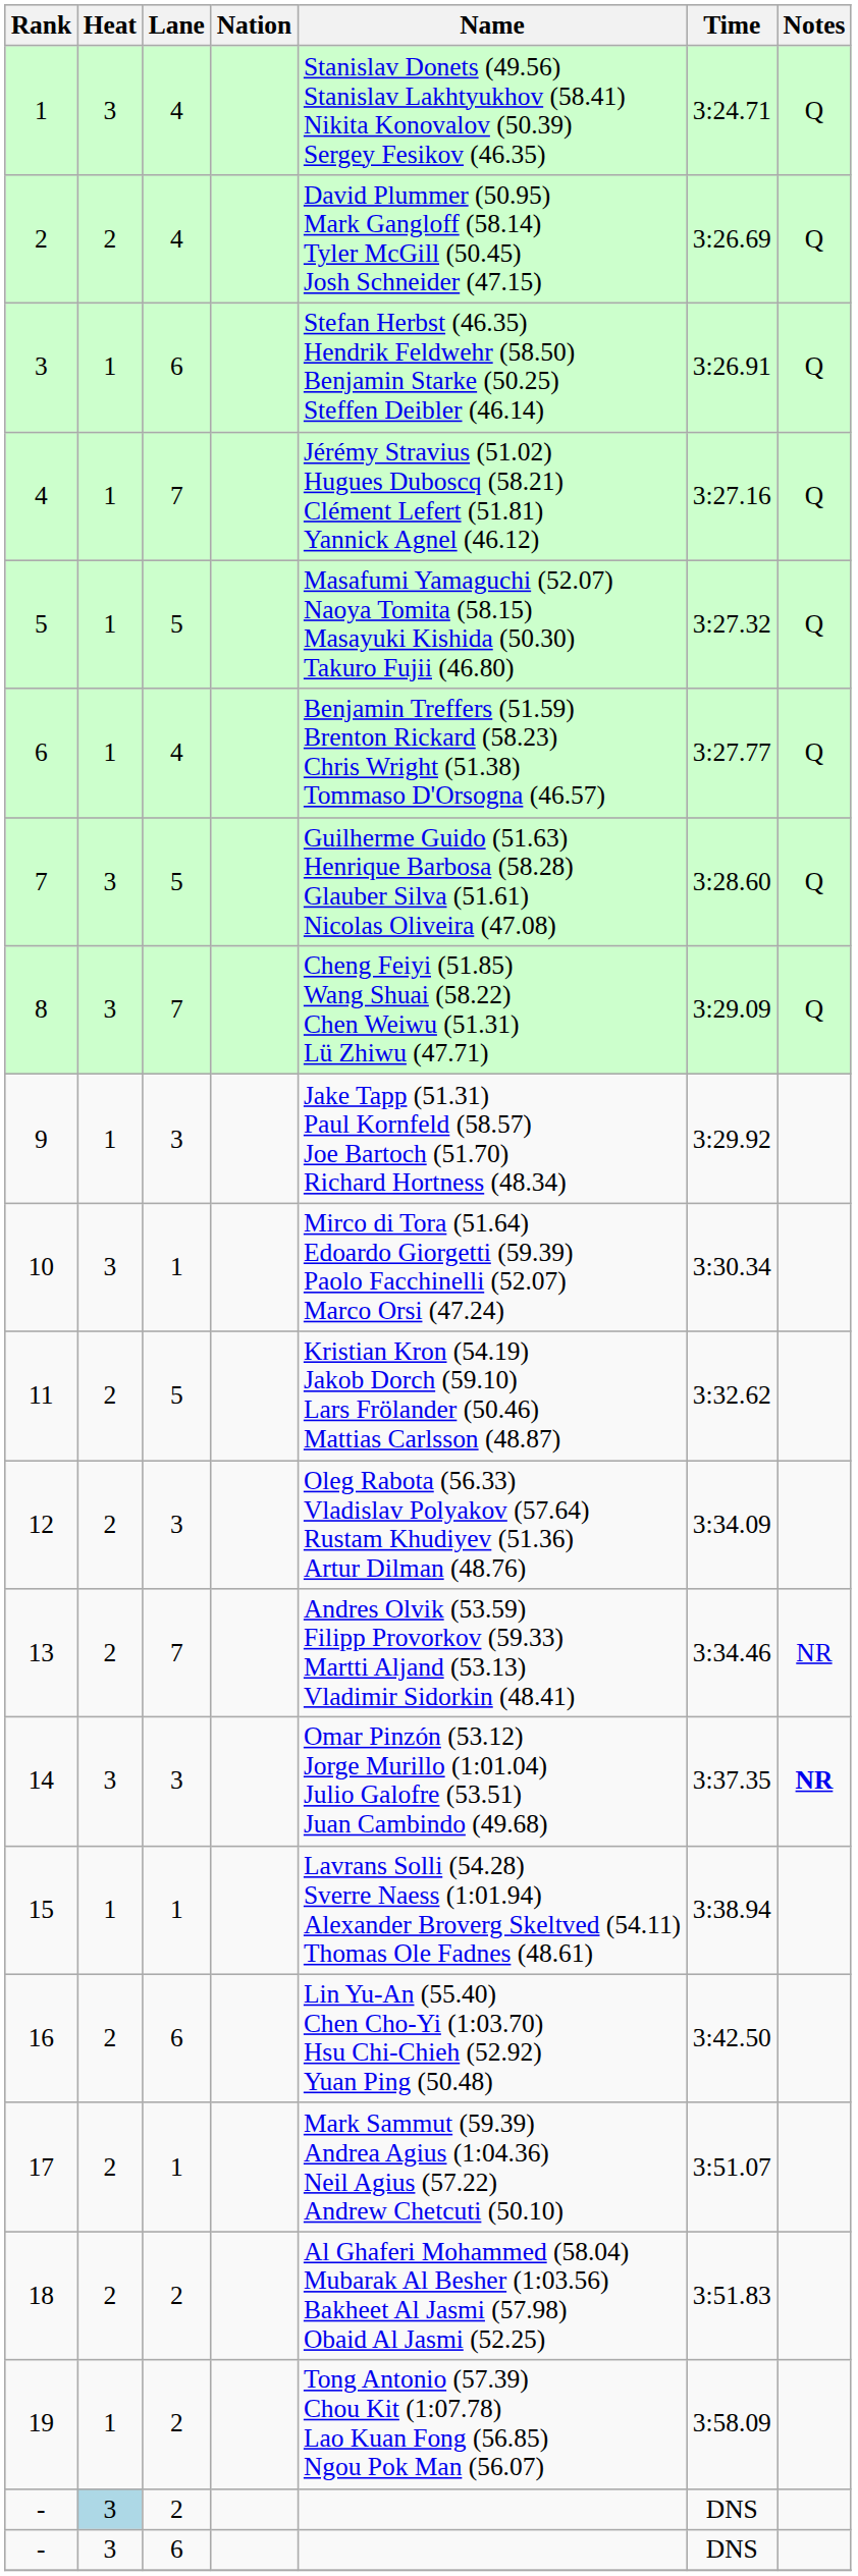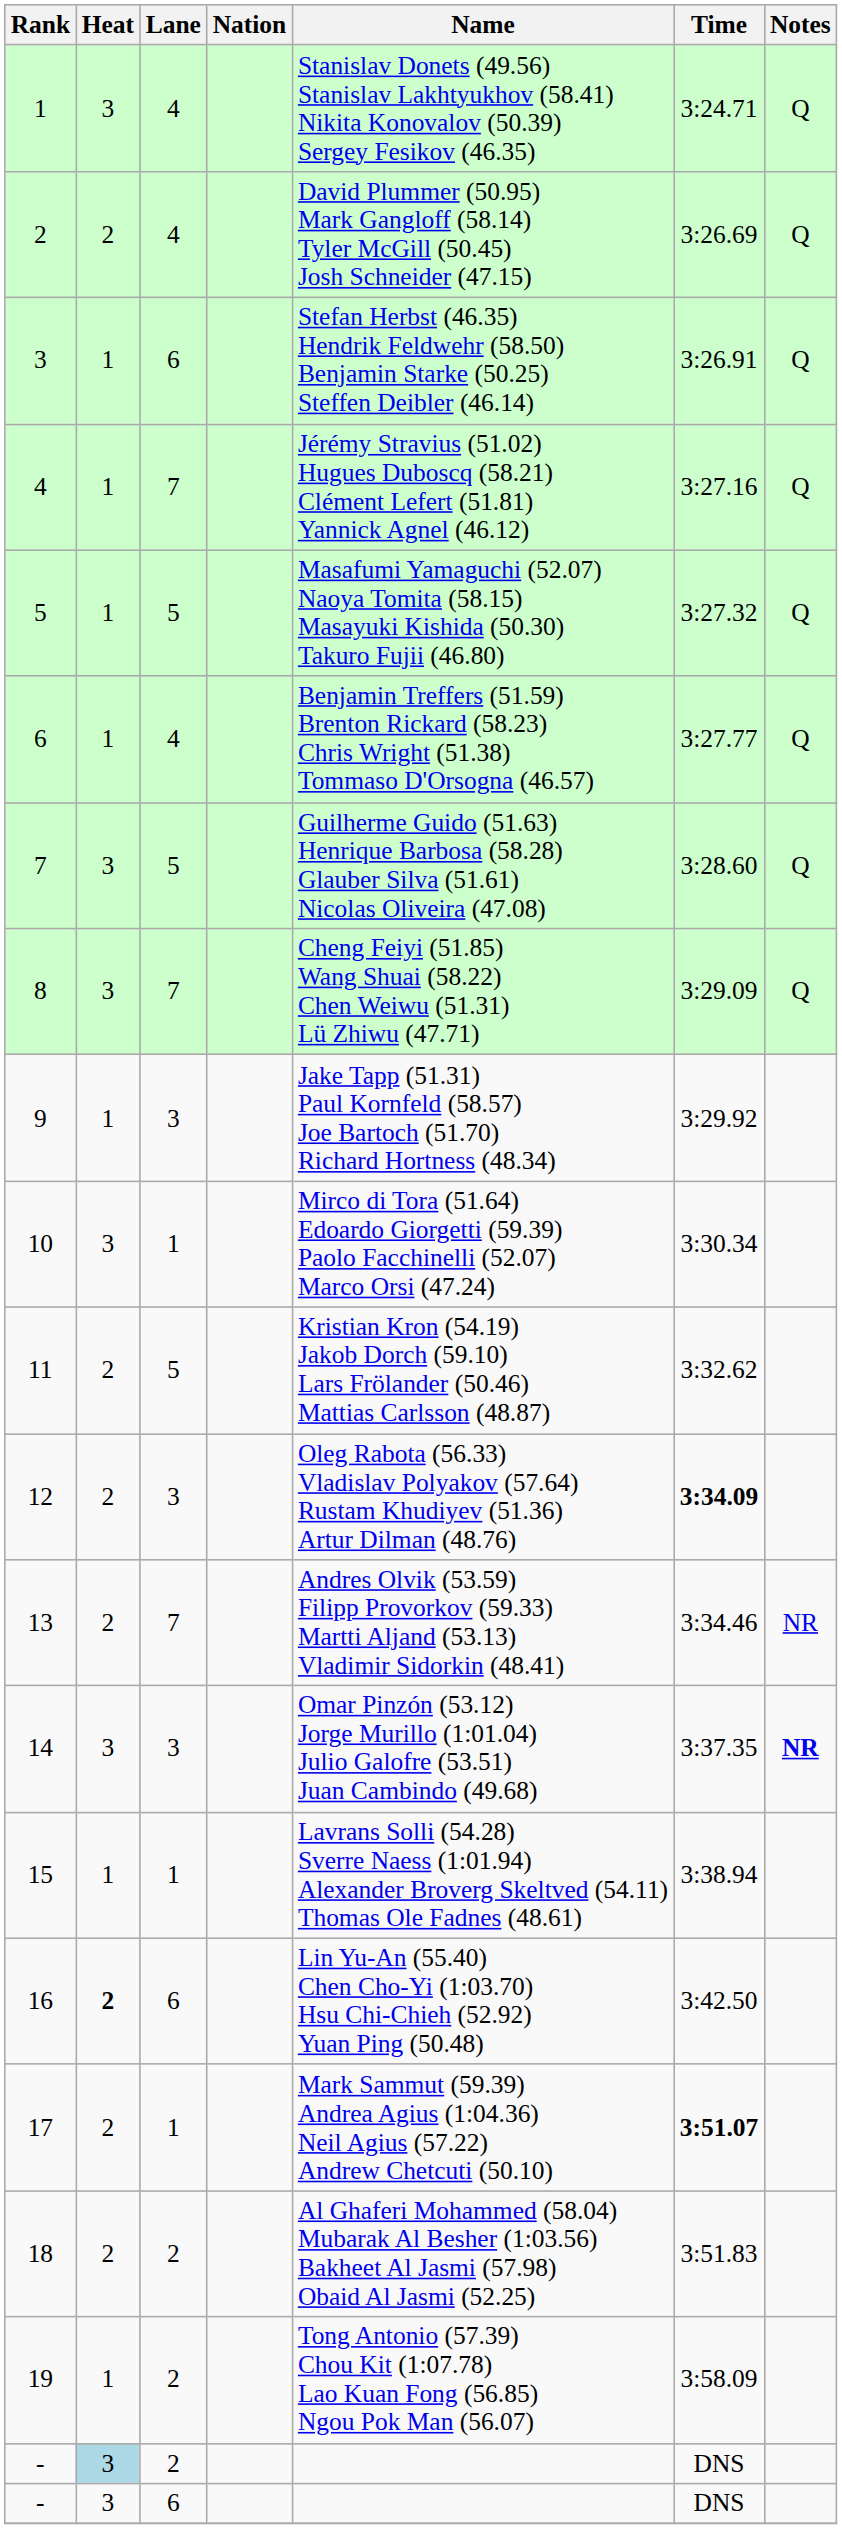 <table class="wikitable sortable" style="text-align:center">
 <tr>
 <th>Rank</th>
 <th>Heat</th>
 <th>Lane</th>
 <th>Nation</th>
 <th>Name</th>
 <th>Time</th>
 <th>Notes</th>
 </tr>
 <tr bgcolor=ccffcc>
 <td>1</td>
 <td>3</td>
 <td>4</td>
 <td align=left></td>
 <td align=left><a href='#'>Stanislav Donets</a> (49.56)<br><a href='#'>Stanislav Lakhtyukhov</a> (58.41)<br><a href='#'>Nikita Konovalov</a> (50.39)<br><a href='#'>Sergey Fesikov</a> (46.35)</td>
 <td>3:24.71</td>
 <td>Q</td>
 </tr>
 <tr bgcolor=ccffcc>
 <td>2</td>
 <td>2</td>
 <td>4</td>
 <td align=left></td>
 <td align=left><a href='#'>David Plummer</a> (50.95)<br><a href='#'>Mark Gangloff</a> (58.14)<br><a href='#'>Tyler McGill</a> (50.45)<br><a href='#'>Josh Schneider</a> (47.15)</td>
 <td>3:26.69</td>
 <td>Q</td>
 </tr>
 <tr bgcolor=ccffcc>
 <td>3</td>
 <td>1</td>
 <td>6</td>
 <td align=left></td>
 <td align=left><a href='#'>Stefan Herbst</a> (46.35)<br><a href='#'>Hendrik Feldwehr</a> (58.50)<br><a href='#'>Benjamin Starke</a> (50.25)<br><a href='#'>Steffen Deibler</a> (46.14)</td>
 <td>3:26.91</td>
 <td>Q</td>
 </tr>
 <tr bgcolor=ccffcc>
 <td>4</td>
 <td>1</td>
 <td>7</td>
 <td align=left></td>
 <td align=left><a href='#'>Jérémy Stravius</a> (51.02)<br><a href='#'>Hugues Duboscq</a> (58.21)<br><a href='#'>Clément Lefert</a> (51.81)<br><a href='#'>Yannick Agnel</a> (46.12)</td>
 <td>3:27.16</td>
 <td>Q</td>
 </tr>
 <tr bgcolor=ccffcc>
 <td>5</td>
 <td>1</td>
 <td>5</td>
 <td align=left></td>
 <td align=left><a href='#'>Masafumi Yamaguchi</a> (52.07)<br><a href='#'>Naoya Tomita</a> (58.15)<br><a href='#'>Masayuki Kishida</a> (50.30)<br><a href='#'>Takuro Fujii</a> (46.80)</td>
 <td>3:27.32</td>
 <td>Q</td>
 </tr>
 <tr bgcolor=ccffcc>
 <td>6</td>
 <td>1</td>
 <td>4</td>
 <td align=left></td>
 <td align=left><a href='#'>Benjamin Treffers</a> (51.59)<br><a href='#'>Brenton Rickard</a> (58.23)<br><a href='#'>Chris Wright</a> (51.38)<br><a href='#'>Tommaso D'Orsogna</a> (46.57)</td>
 <td>3:27.77</td>
 <td>Q</td>
 </tr>
 <tr bgcolor=ccffcc>
 <td>7</td>
 <td>3</td>
 <td>5</td>
 <td align=left></td>
 <td align=left><a href='#'>Guilherme Guido</a> (51.63)<br><a href='#'>Henrique Barbosa</a> (58.28)<br><a href='#'>Glauber Silva</a> (51.61)<br><a href='#'>Nicolas Oliveira</a> (47.08)</td>
 <td>3:28.60</td>
 <td>Q</td>
 </tr>
 <tr bgcolor=ccffcc>
 <td>8</td>
 <td>3</td>
 <td>7</td>
 <td align=left></td>
 <td align=left><a href='#'>Cheng Feiyi</a> (51.85)<br><a href='#'>Wang Shuai</a> (58.22)<br><a href='#'>Chen Weiwu</a> (51.31)<br><a href='#'>Lü Zhiwu</a> (47.71)</td>
 <td>3:29.09</td>
 <td>Q</td>
 </tr>
 <tr>
 <td>9</td>
 <td>1</td>
 <td>3</td>
 <td align=left></td>
 <td align=left><a href='#'>Jake Tapp</a> (51.31)<br><a href='#'>Paul Kornfeld</a> (58.57)<br><a href='#'>Joe Bartoch</a> (51.70)<br><a href='#'>Richard Hortness</a> (48.34)</td>
 <td>3:29.92</td>
 <td></td>
 </tr>
 <tr>
 <td>10</td>
 <td>3</td>
 <td>1</td>
 <td align=left></td>
 <td align=left><a href='#'>Mirco di Tora</a> (51.64)<br><a href='#'>Edoardo Giorgetti</a> (59.39)<br><a href='#'>Paolo Facchinelli</a> (52.07)<br><a href='#'>Marco Orsi</a> (47.24)</td>
 <td>3:30.34</td>
 <td></td>
 </tr>
 <tr>
 <td>11</td>
 <td>2</td>
 <td>5</td>
 <td align=left></td>
 <td align=left><a href='#'>Kristian Kron</a> (54.19)<br><a href='#'>Jakob Dorch</a> (59.10)<br><a href='#'>Lars Frölander</a> (50.46)<br><a href='#'>Mattias Carlsson</a> (48.87)</td>
 <td>3:32.62</td>
 <td></td>
 </tr>
 <tr>
 <td>12</td>
 <td>2</td>
 <td>3</td>
 <td align=left></td>
 <td align=left><a href='#'>Oleg Rabota</a> (56.33)<br><a href='#'>Vladislav Polyakov</a> (57.64)<br><a href='#'>Rustam Khudiyev</a> (51.36)<br><a href='#'>Artur Dilman</a> (48.76)</td>
-<td>3:34.09</td>
+<td><strong>3:34.09</strong></td>
 <td></td>
 </tr>
 <tr>
 <td>13</td>
 <td>2</td>
 <td>7</td>
 <td align=left></td>
 <td align=left><a href='#'>Andres Olvik</a> (53.59)<br><a href='#'>Filipp Provorkov</a> (59.33)<br><a href='#'>Martti Aljand</a> (53.13)<br><a href='#'>Vladimir Sidorkin</a> (48.41)</td>
 <td>3:34.46</td>
 <td><a href='#'>NR</a></td>
 </tr>
 <tr>
 <td>14</td>
 <td>3</td>
 <td>3</td>
 <td align=left></td>
 <td align=left><a href='#'>Omar Pinzón</a> (53.12)<br><a href='#'>Jorge Murillo</a> (1:01.04)<br><a href='#'>Julio Galofre</a> (53.51)<br><a href='#'>Juan Cambindo</a> (49.68)</td>
 <td>3:37.35</td>
 <td><strong><a href='#'>NR</a></strong></td>
 </tr>
 <tr>
 <td>15</td>
 <td>1</td>
 <td>1</td>
 <td align=left></td>
 <td align=left><a href='#'>Lavrans Solli</a> (54.28)<br><a href='#'>Sverre Naess</a> (1:01.94)<br><a href='#'>Alexander Broverg Skeltved</a> (54.11)<br><a href='#'>Thomas Ole Fadnes</a> (48.61)</td>
 <td>3:38.94</td>
 <td></td>
 </tr>
 <tr>
 <td>16</td>
-<td>2</td>
+<td><strong>2</strong></td>
 <td>6</td>
 <td align=left></td>
 <td align=left><a href='#'>Lin Yu-An</a> (55.40)<br><a href='#'>Chen Cho-Yi</a> (1:03.70)<br><a href='#'>Hsu Chi-Chieh</a> (52.92)<br><a href='#'>Yuan Ping</a> (50.48)</td>
 <td>3:42.50</td>
 <td></td>
 </tr>
 <tr>
 <td>17</td>
 <td>2</td>
 <td>1</td>
 <td align=left></td>
 <td align=left><a href='#'>Mark Sammut</a> (59.39)<br><a href='#'>Andrea Agius</a> (1:04.36)<br><a href='#'>Neil Agius</a> (57.22)<br><a href='#'>Andrew Chetcuti</a> (50.10)</td>
-<td>3:51.07</td>
+<td><strong>3:51.07</strong></td>
 <td></td>
 </tr>
 <tr>
 <td>18</td>
 <td>2</td>
 <td>2</td>
 <td align=left></td>
 <td align=left><a href='#'>Al Ghaferi Mohammed</a> (58.04)<br><a href='#'>Mubarak Al Besher</a> (1:03.56)<br><a href='#'>Bakheet Al Jasmi</a> (57.98)<br><a href='#'>Obaid Al Jasmi</a> (52.25)</td>
 <td>3:51.83</td>
 <td></td>
 </tr>
 <tr>
 <td>19</td>
 <td>1</td>
 <td>2</td>
 <td align=left></td>
 <td align=left><a href='#'>Tong Antonio</a> (57.39)<br><a href='#'>Chou Kit</a> (1:07.78)<br><a href='#'>Lao Kuan Fong</a> (56.85)<br><a href='#'>Ngou Pok Man</a> (56.07)</td>
 <td>3:58.09</td>
 <td></td>
 </tr>
 <tr>
 <td>-</td>
 <td style="background: lightblue;">3</td>
 <td>2</td>
 <td align=left></td>
 <td align=left></td>
 <td>DNS</td>
 <td></td>
 </tr>
 <tr>
 <td>-</td>
 <td>3</td>
 <td>6</td>
 <td align=left></td>
 <td align=left></td>
 <td>DNS</td>
 <td></td>
 </tr>
 <tr>
 </tr>
 </table>
